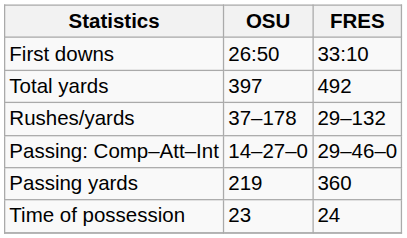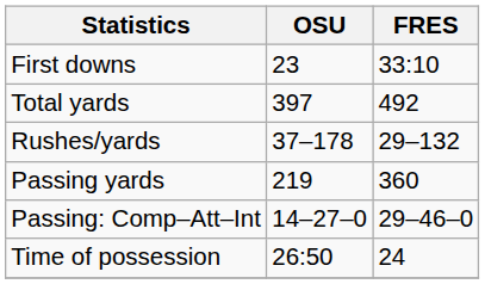 <table class="wikitable" style="float: left;">
 <tr>
 <th>Statistics</th>
 <th>OSU</th>
 <th>FRES</th>
 </tr>
 <tr>
 <td>First downs</td>
-<td>26:50</td>
+<td>23</td>
 <td>33:10</td>
 </tr>
 <tr>
 <td>Total yards</td>
 <td>397</td>
 <td>492</td>
 </tr>
 <tr>
 <td>Rushes/yards</td>
 <td>37–178</td>
 <td>29–132</td>
 </tr>
 <tr>
+<td>Passing yards</td>
+<td>219</td>
+<td>360</td>
+</tr>
+<tr>
 <td>Passing: Comp–Att–Int</td>
 <td>14–27–0</td>
 <td>29–46–0</td>
 </tr>
 <tr>
-<td>Passing yards</td>
-<td>219</td>
-<td>360</td>
-</tr>
-<tr>
 <td>Time of possession</td>
-<td>23</td>
+<td>26:50</td>
 <td>24</td>
 </tr>
 <tr>
 </tr>
 </table>
